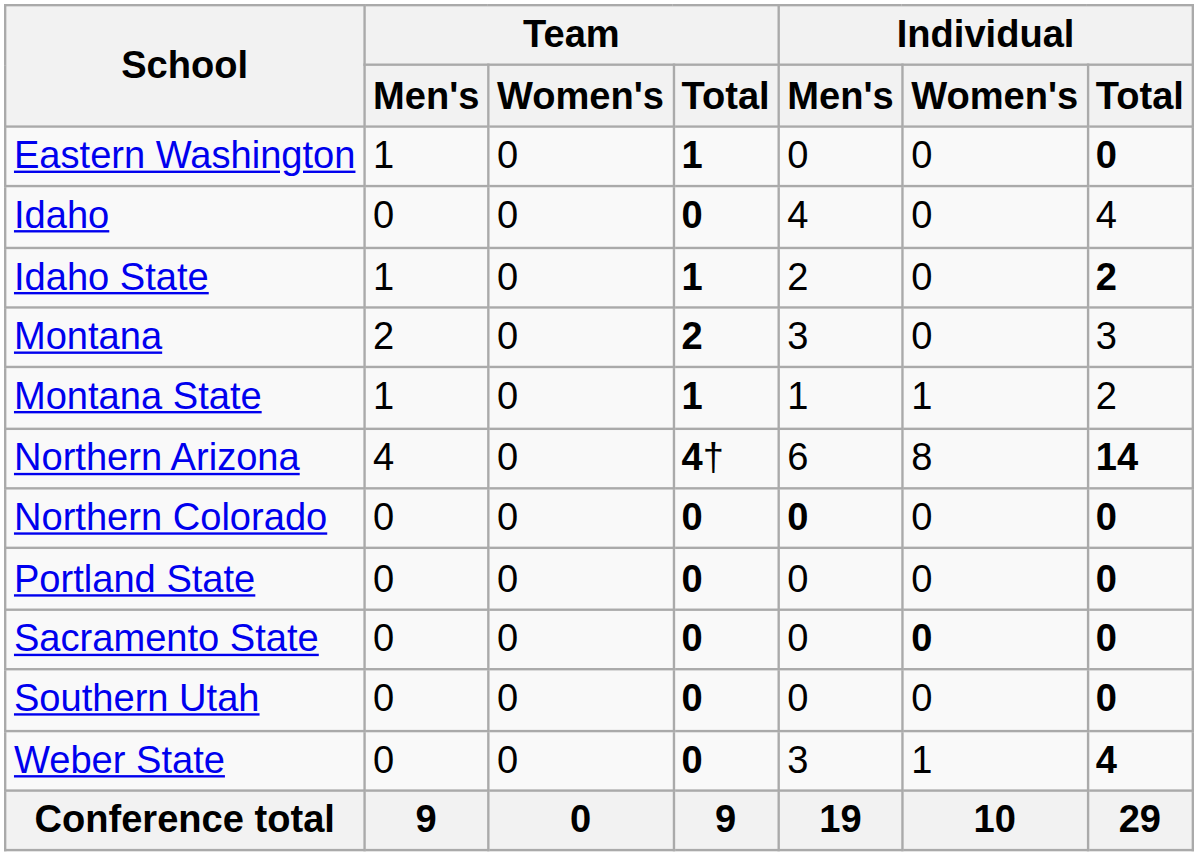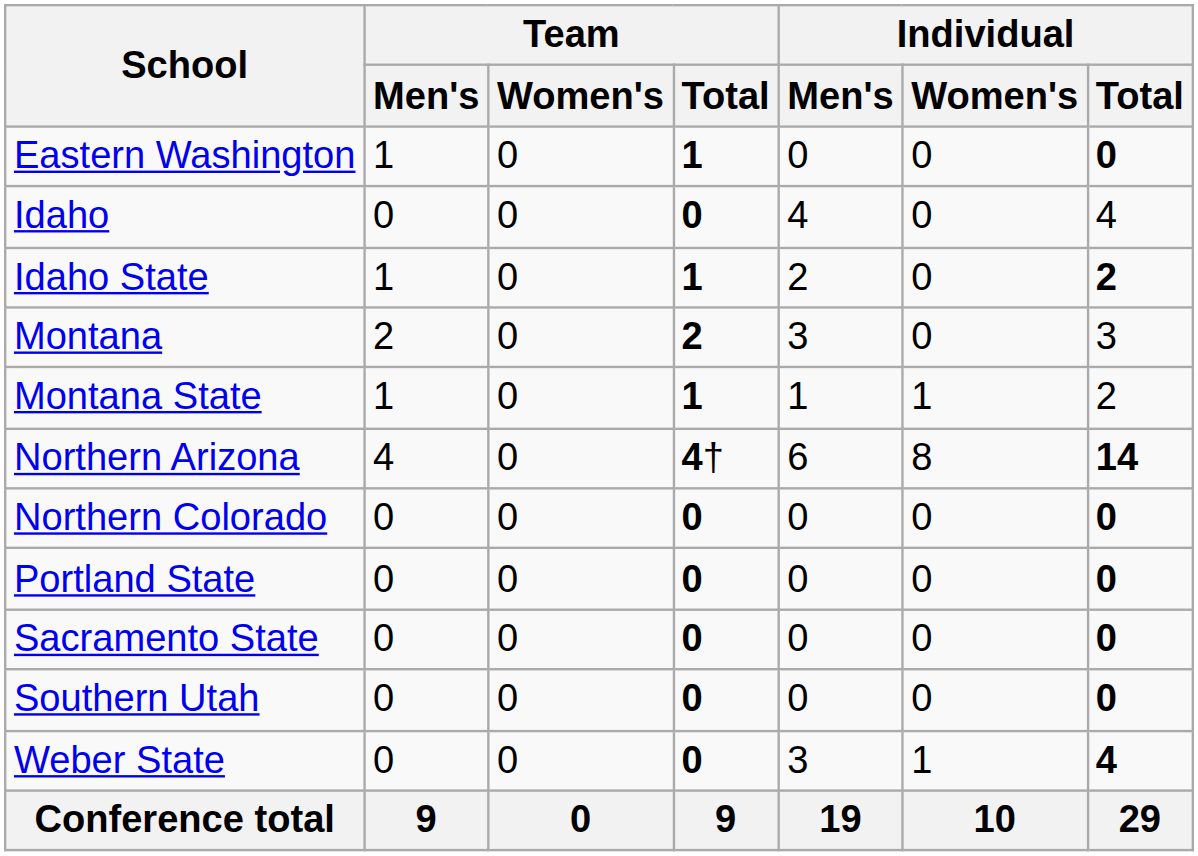 <table class="wikitable">
 <tr>
 <th rowspan="2">School</th>
 <th colspan="3">Team</th>
 <th colspan="3">Individual</th>
 </tr>
 <tr>
 <th>Men's</th>
 <th>Women's</th>
 <th>Total</th>
 <th>Men's</th>
 <th>Women's</th>
 <th>Total</th>
 </tr>
 <tr>
 <td><a href='#'>Eastern Washington</a></td>
 <td>1</td>
 <td>0</td>
 <td><strong>1</strong></td>
 <td>0</td>
 <td>0</td>
 <td><strong>0</strong></td>
 </tr>
 <tr>
 <td><a href='#'>Idaho</a></td>
 <td>0</td>
 <td>0</td>
 <td><strong>0</strong></td>
 <td>4</td>
 <td>0</td>
 <td>4</td>
 </tr>
 <tr>
 <td><a href='#'>Idaho State</a></td>
 <td>1</td>
 <td>0</td>
 <td><strong>1</strong></td>
 <td>2</td>
 <td>0</td>
 <td><strong>2</strong></td>
 </tr>
 <tr>
 <td><a href='#'>Montana</a></td>
 <td>2</td>
 <td>0</td>
 <td><strong>2</strong></td>
 <td>3</td>
 <td>0</td>
 <td>3</td>
 </tr>
 <tr>
 <td><a href='#'>Montana State</a></td>
 <td>1</td>
 <td>0</td>
 <td><strong>1</strong></td>
 <td>1</td>
 <td>1</td>
 <td>2</td>
 </tr>
 <tr>
 <td><a href='#'>Northern Arizona</a></td>
 <td>4</td>
 <td>0</td>
 <td><strong>4</strong>†</td>
 <td>6</td>
 <td>8</td>
 <td><strong>14</strong></td>
 </tr>
 <tr>
 <td><a href='#'>Northern Colorado</a></td>
 <td>0</td>
 <td>0</td>
 <td><strong>0</strong></td>
-<td><strong>0</strong></td>
+<td>0</td>
 <td>0</td>
 <td><strong>0</strong></td>
 </tr>
 <tr>
 <td><a href='#'>Portland State</a></td>
 <td>0</td>
 <td>0</td>
 <td><strong>0</strong></td>
 <td>0</td>
 <td>0</td>
 <td><strong>0</strong></td>
 </tr>
 <tr>
 <td><a href='#'>Sacramento State</a></td>
 <td>0</td>
 <td>0</td>
 <td><strong>0</strong></td>
 <td>0</td>
-<td><strong>0</strong></td>
+<td>0</td>
 <td><strong>0</strong></td>
 </tr>
 <tr>
 <td><a href='#'>Southern Utah</a></td>
 <td>0</td>
 <td>0</td>
 <td><strong>0</strong></td>
 <td>0</td>
 <td>0</td>
 <td><strong>0</strong></td>
 </tr>
 <tr>
 <td><a href='#'>Weber State</a></td>
 <td>0</td>
 <td>0</td>
 <td><strong>0</strong></td>
 <td>3</td>
 <td>1</td>
 <td><strong>4</strong></td>
 </tr>
 <tr>
 <th>Conference total</th>
 <th>9</th>
 <th>0</th>
 <th>9</th>
 <th>19</th>
 <th>10</th>
 <th>29</th>
 </tr>
 </table>
